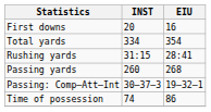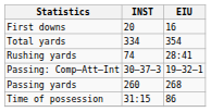 <table class="wikitable" style="float: left;">
 <tr>
 <th>Statistics</th>
 <th>INST</th>
 <th>EIU</th>
 </tr>
 <tr>
 <td>First downs</td>
 <td>20</td>
 <td>16</td>
 </tr>
 <tr>
 <td>Total yards</td>
 <td>334</td>
 <td>354</td>
 </tr>
 <tr>
 <td>Rushing yards</td>
-<td>31:15</td>
+<td>74</td>
 <td>28:41</td>
+</tr>
+<tr>
+<td>Passing: Comp–Att–Int</td>
+<td>30–37–3</td>
+<td>19–32–1</td>
 </tr>
 <tr>
 <td>Passing yards</td>
 <td>260</td>
 <td>268</td>
 </tr>
 <tr>
-<td>Passing: Comp–Att–Int</td>
-<td>30–37–3</td>
-<td>19–32–1</td>
-</tr>
-<tr>
 <td>Time of possession</td>
-<td>74</td>
+<td>31:15</td>
 <td>86</td>
 </tr>
 <tr>
 </tr>
 </table>
